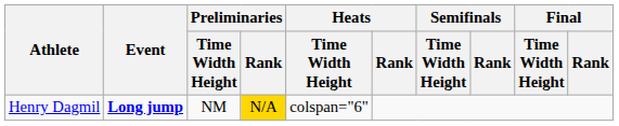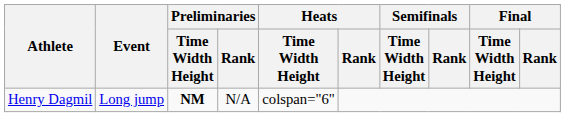 <table class="wikitable" style="font-size:90%">
 <tr>
 <th rowspan="2">Athlete</th>
 <th rowspan="2">Event</th>
 <th colspan="2">Preliminaries</th>
 <th colspan="2">Heats</th>
 <th colspan="2">Semifinals</th>
 <th colspan="2">Final</th>
 </tr>
 <tr>
 <th>Time<br>Width<br>Height</th>
 <th>Rank</th>
 <th>Time<br>Width<br>Height</th>
 <th>Rank</th>
 <th>Time<br>Width<br>Height</th>
 <th>Rank</th>
 <th>Time<br>Width<br>Height</th>
 <th>Rank</th>
 </tr>
 <tr>
 <td><a href='#'>Henry Dagmil</a></td>
-<td><strong><a href='#'>Long jump</a></strong></td>
-<td align=center>NM</td>
-<td align=center style="background: gold;">N/A</td>
+<td><a href='#'>Long jump</a></td>
+<td align=center><strong>NM</strong></td>
+<td align=center>N/A</td>
 <td>colspan="6" </td>
 </tr>
 </table>
